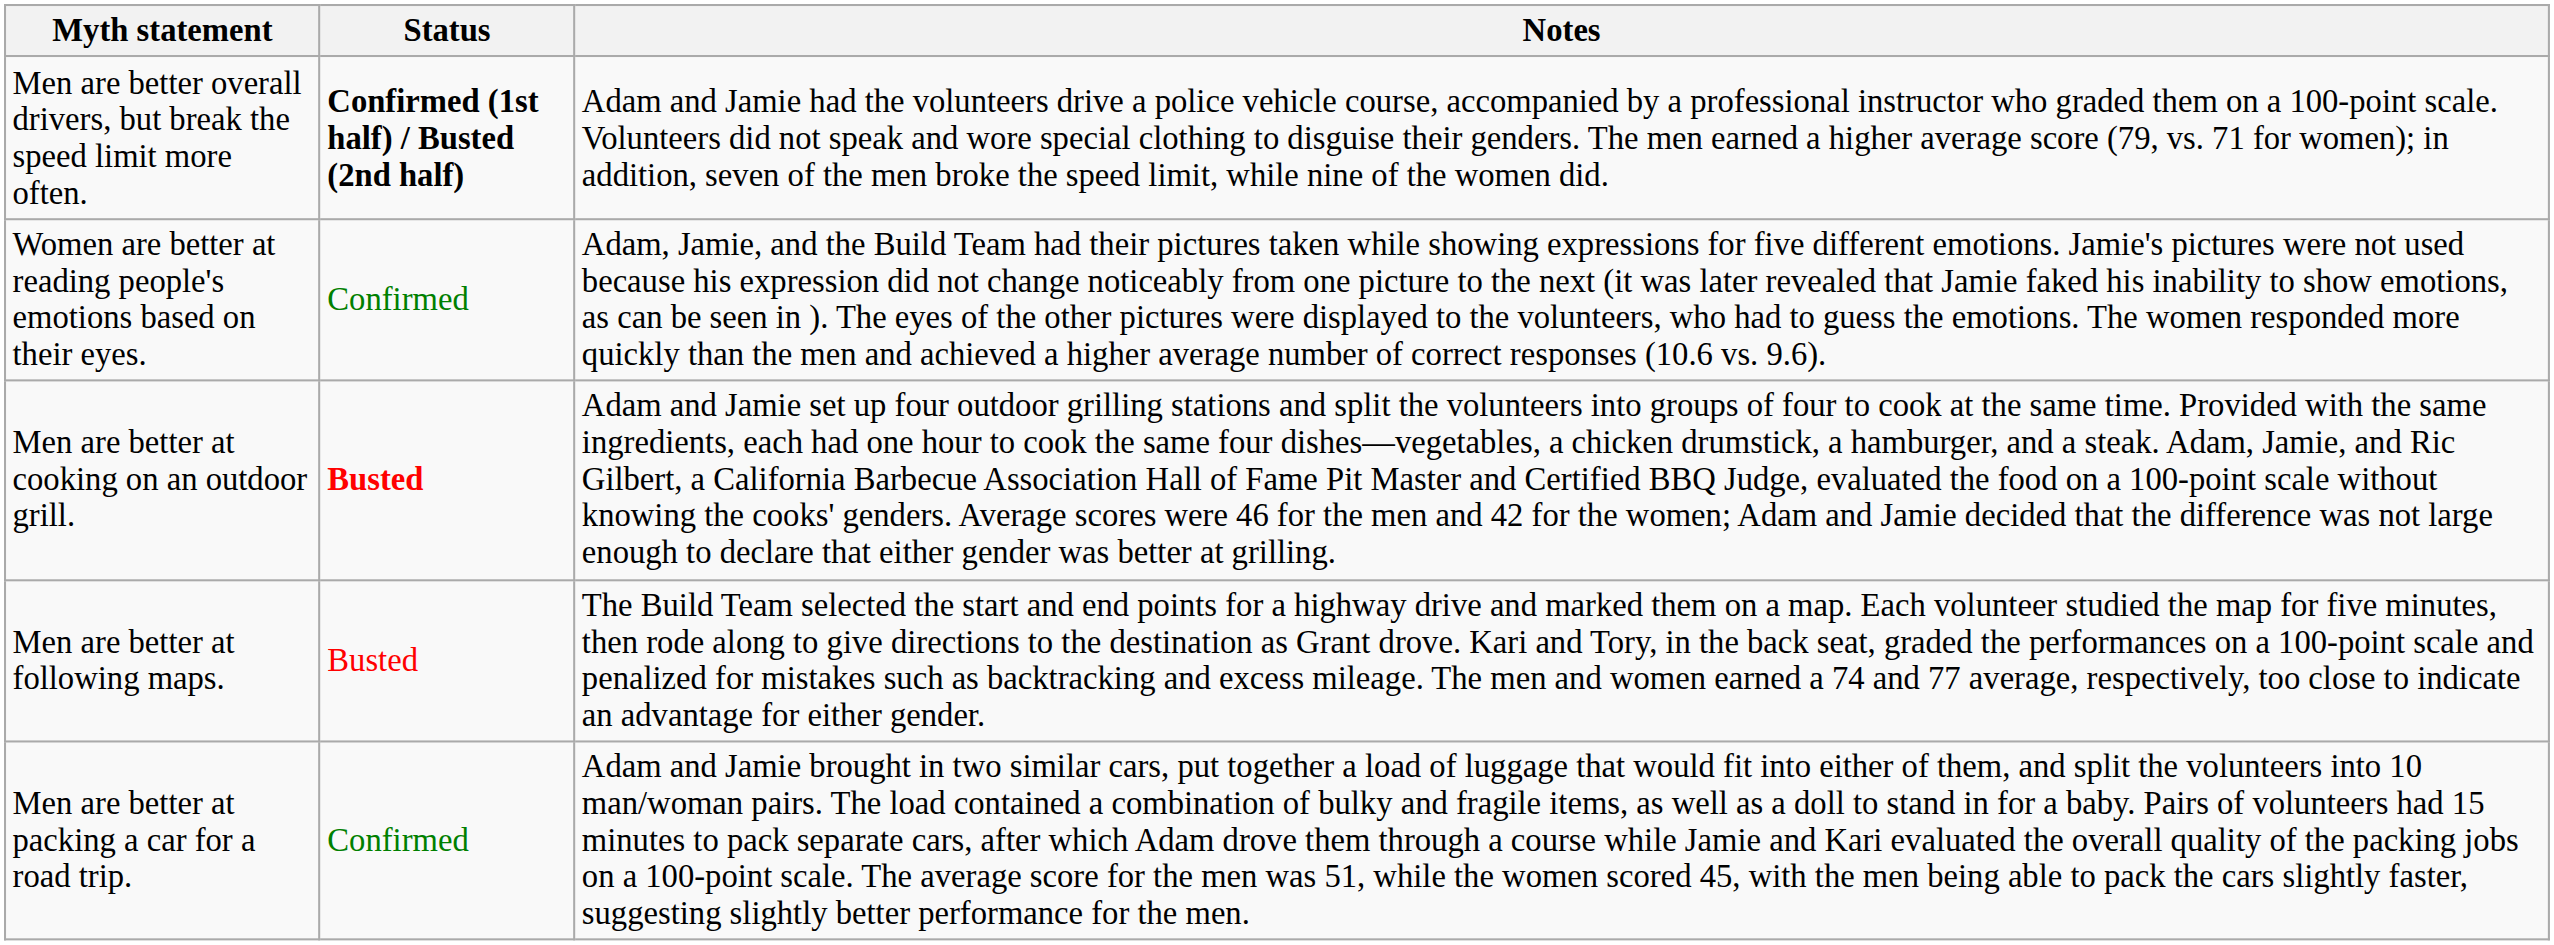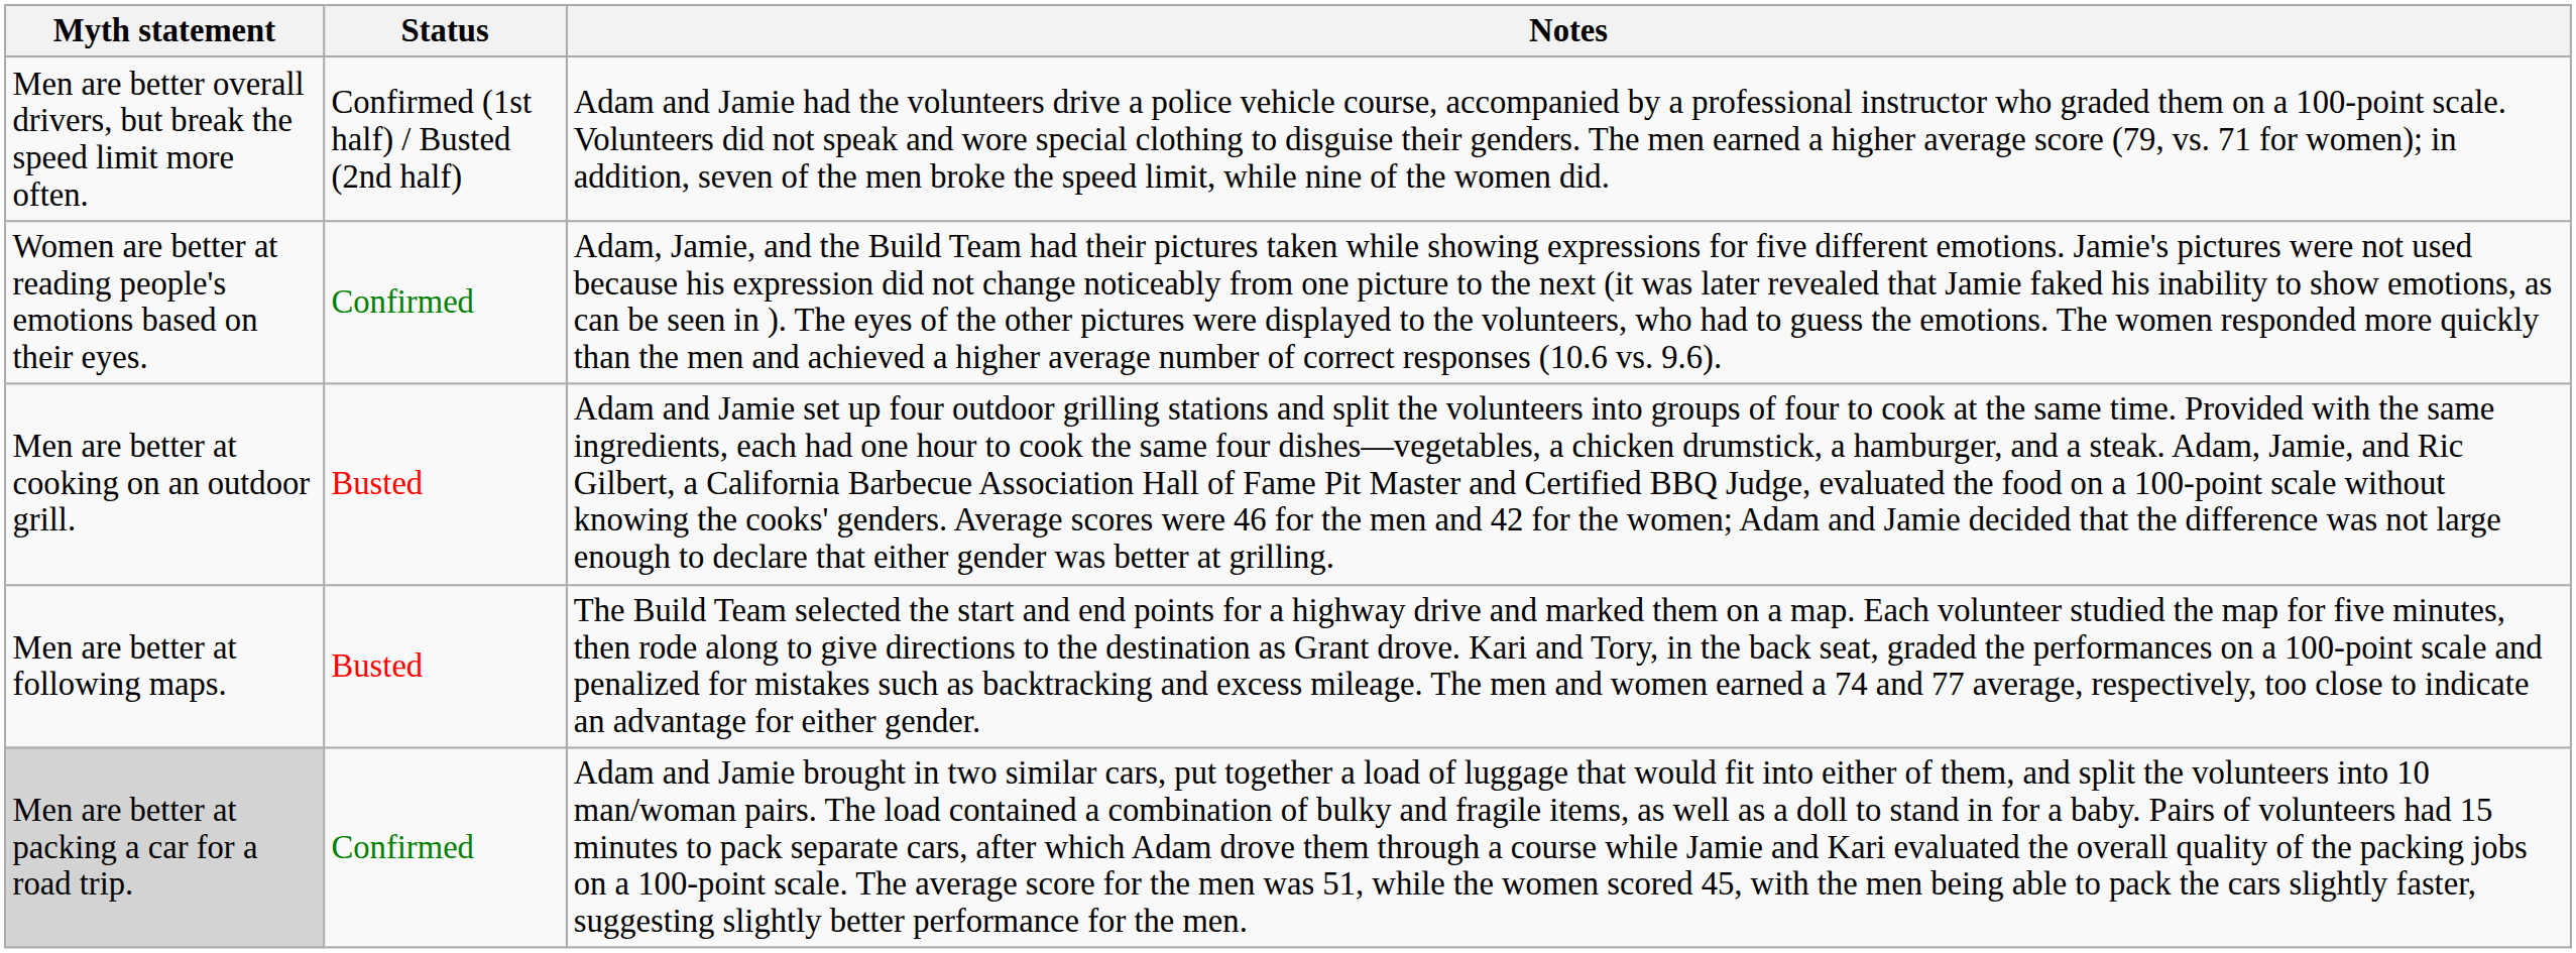 <table class="wikitable plainrowheaders">
 <tr>
 <th>Myth statement</th>
 <th>Status</th>
 <th>Notes</th>
 </tr>
 <tr>
 <td>Men are better overall drivers, but break the speed limit more often.</td>
-<td><strong><span>Confirmed</span> (1st half) / <span>Busted</span> (2nd half)</strong></td>
+<td><span>Confirmed</span> (1st half) / <span>Busted</span> (2nd half)</td>
 <td>Adam and Jamie had the volunteers drive a police vehicle course, accompanied by a professional instructor who graded them on a 100-point scale. Volunteers did not speak and wore special clothing to disguise their genders. The men earned a higher average score (79, vs. 71 for women); in addition, seven of the men broke the speed limit, while nine of the women did.</td>
 </tr>
 <tr>
 <td>Women are better at reading people's emotions based on their eyes.</td>
 <td style="color:green">Confirmed</td>
 <td>Adam, Jamie, and the Build Team had their pictures taken while showing expressions for five different emotions. Jamie's pictures were not used because his expression did not change noticeably from one picture to the next (it was later revealed that Jamie faked his inability to show emotions, as can be seen in ). The eyes of the other pictures were displayed to the volunteers, who had to guess the emotions. The women responded more quickly than the men and achieved a higher average number of correct responses (10.6 vs. 9.6).</td>
 </tr>
 <tr>
 <td>Men are better at cooking on an outdoor grill.</td>
-<td style="color:red"><strong>Busted</strong></td>
+<td style="color:red">Busted</td>
 <td>Adam and Jamie set up four outdoor grilling stations and split the volunteers into groups of four to cook at the same time. Provided with the same ingredients, each had one hour to cook the same four dishes—vegetables, a chicken drumstick, a hamburger, and a steak. Adam, Jamie, and Ric Gilbert, a California Barbecue Association Hall of Fame Pit Master and Certified BBQ Judge, evaluated the food on a 100-point scale without knowing the cooks' genders. Average scores were 46 for the men and 42 for the women; Adam and Jamie decided that the difference was not large enough to declare that either gender was better at grilling.</td>
 </tr>
 <tr>
 <td>Men are better at following maps.</td>
 <td style="color:red">Busted</td>
 <td>The Build Team selected the start and end points for a highway drive and marked them on a map. Each volunteer studied the map for five minutes, then rode along to give directions to the destination as Grant drove. Kari and Tory, in the back seat, graded the performances on a 100-point scale and penalized for mistakes such as backtracking and excess mileage. The men and women earned a 74 and 77 average, respectively, too close to indicate an advantage for either gender.</td>
 </tr>
 <tr>
-<td>Men are better at packing a car for a road trip.</td>
+<td style="background: lightgrey;">Men are better at packing a car for a road trip.</td>
 <td style="color:green">Confirmed</td>
 <td>Adam and Jamie brought in two similar cars, put together a load of luggage that would fit into either of them, and split the volunteers into 10 man/woman pairs. The load contained a combination of bulky and fragile items, as well as a doll to stand in for a baby. Pairs of volunteers had 15 minutes to pack separate cars, after which Adam drove them through a course while Jamie and Kari evaluated the overall quality of the packing jobs on a 100-point scale. The average score for the men was 51, while the women scored 45, with the men being able to pack the cars slightly faster, suggesting slightly better performance for the men.</td>
 </tr>
 </table>
